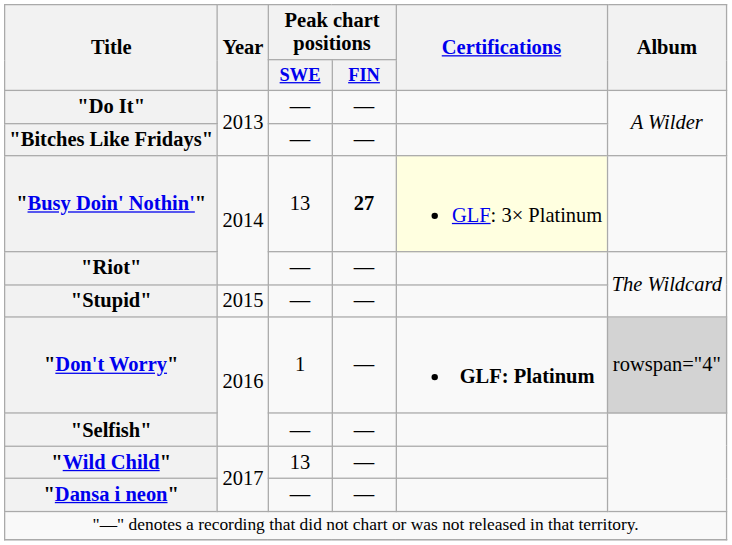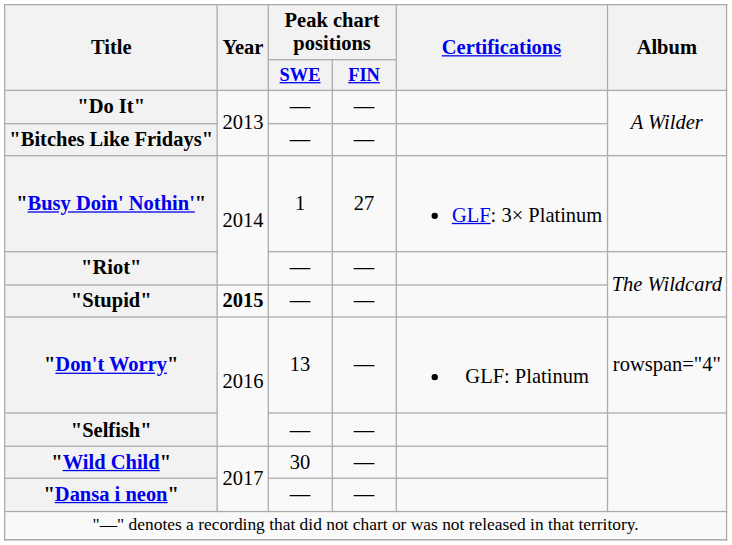 <table class="wikitable plainrowheaders" style="text-align:center;">
 <tr>
 <th scope="col" rowspan="2">Title</th>
 <th scope="col" rowspan="2">Year</th>
 <th scope="col" colspan="2">Peak chart positions</th>
 <th scope="col" rowspan="2"><a href='#'>Certifications</a></th>
 <th scope="col" rowspan="2">Album</th>
 </tr>
 <tr>
 <th scope="col" style="width:3em;font-size:90%;"><a href='#'>SWE</a><br></th>
 <th scope="col" style="width:3em;font-size:90%;"><a href='#'>FIN</a></th>
 </tr>
 <tr>
 <th scope="row">"Do It"</th>
 <td rowspan="2">2013</td>
 <td>—</td>
 <td>—</td>
 <td></td>
 <td rowspan="2"><em>A Wilder</em></td>
 </tr>
 <tr>
 <th scope="row">"Bitches Like Fridays"</th>
 <td>—</td>
 <td>—</td>
 <td></td>
 </tr>
 <tr>
 <th scope="row">"<a href='#'>Busy Doin' Nothin'</a>"</th>
 <td rowspan="2">2014</td>
-<td>13</td>
-<td><strong>27</strong></td>
-<td style="background: lightyellow;"><br><ul><li><a href='#'>GLF</a>: 3× Platinum</li></ul></td>
+<td>1</td>
+<td>27</td>
+<td><br><ul><li><a href='#'>GLF</a>: 3× Platinum</li></ul></td>
 <td></td>
 </tr>
 <tr>
 <th scope="row">"Riot"</th>
 <td>—</td>
 <td>—</td>
 <td></td>
 <td rowspan="2"><em>The Wildcard</em></td>
 </tr>
 <tr>
 <th scope="row">"Stupid"</th>
-<td>2015</td>
+<td><strong>2015</strong></td>
 <td>—</td>
 <td>—</td>
 <td></td>
 </tr>
 <tr>
 <th scope="row">"<a href='#'>Don't Worry</a>"</th>
 <td rowspan="2">2016</td>
-<td>1</td>
+<td>13</td>
 <td>—</td>
-<td><strong><br><ul><li>GLF: Platinum</li></ul></strong></td>
-<td style="background: lightgrey;">rowspan="4" </td>
+<td><br><ul><li>GLF: Platinum</li></ul></td>
+<td>rowspan="4" </td>
 </tr>
 <tr>
 <th scope="row">"Selfish"</th>
 <td>—</td>
 <td>—</td>
 <td></td>
 </tr>
 <tr>
 <th scope="row">"<a href='#'>Wild Child</a>"</th>
 <td rowspan="2">2017</td>
-<td>13</td>
+<td>30<br></td>
 <td>—</td>
 <td></td>
 </tr>
 <tr>
 <th scope="row">"<a href='#'>Dansa i neon</a>"</th>
 <td>—</td>
 <td>—</td>
 <td></td>
 </tr>
 <tr>
 <td colspan="20" style="font-size:85%">"—" denotes a recording that did not chart or was not released in that territory.</td>
 </tr>
 <tr>
 </tr>
 </table>
